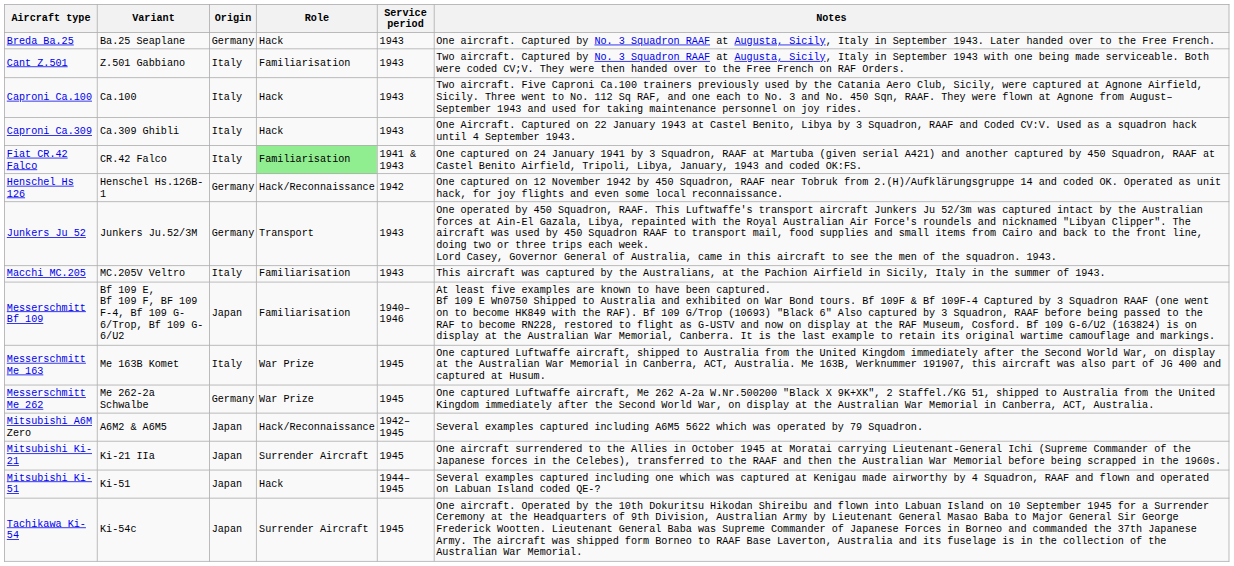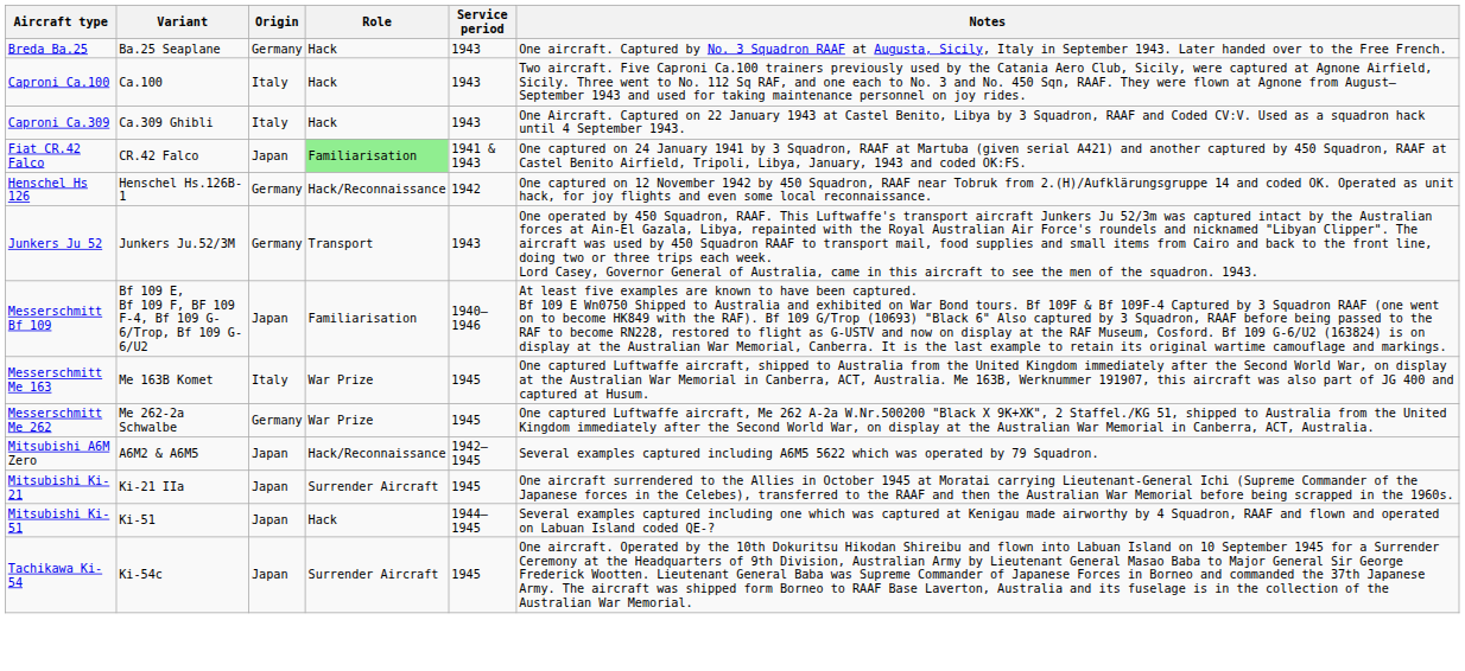 <table class="wikitable sortable">
 <tr>
 <th>Aircraft type</th>
 <th>Variant</th>
 <th>Origin</th>
 <th>Role</th>
 <th>Service period</th>
 <th>Notes</th>
 </tr>
 <tr>
 <td><a href='#'>Breda Ba.25</a></td>
 <td>Ba.25 Seaplane</td>
 <td>Germany</td>
 <td>Hack</td>
 <td>1943</td>
 <td>One aircraft. Captured by <a href='#'>No. 3 Squadron RAAF</a> at <a href='#'>Augusta, Sicily</a>, Italy in September 1943. Later handed over to the Free French.</td>
-</tr>
-<tr>
-<td><a href='#'>Cant Z.501</a></td>
-<td>Z.501 Gabbiano</td>
-<td>Italy</td>
-<td>Familiarisation</td>
-<td>1943</td>
-<td>Two aircraft. Captured by <a href='#'>No. 3 Squadron RAAF</a> at <a href='#'>Augusta, Sicily</a>, Italy in September 1943 with one being made serviceable. Both were coded CV;V. They were then handed over to the Free French on RAF Orders.</td>
 </tr>
 <tr>
 <td><a href='#'>Caproni Ca.100</a></td>
 <td>Ca.100</td>
 <td>Italy</td>
 <td>Hack</td>
 <td>1943</td>
 <td>Two aircraft. Five Caproni Ca.100 trainers previously used by the Catania Aero Club, Sicily, were captured at Agnone Airfield, Sicily. Three went to No. 112 Sq RAF, and one each to No. 3 and No. 450 Sqn, RAAF. They were flown at Agnone from August–September 1943 and used for taking maintenance personnel on joy rides.</td>
 </tr>
 <tr>
 <td><a href='#'>Caproni Ca.309</a></td>
 <td>Ca.309 Ghibli</td>
 <td>Italy</td>
 <td>Hack</td>
 <td>1943</td>
 <td>One Aircraft. Captured on 22 January 1943 at Castel Benito, Libya by 3 Squadron, RAAF and Coded CV:V. Used as a squadron hack until 4 September 1943.</td>
 </tr>
 <tr>
 <td><a href='#'>Fiat CR.42 Falco</a></td>
 <td>CR.42 Falco</td>
-<td>Italy</td>
+<td>Japan</td>
 <td style="background: lightgreen;">Familiarisation</td>
 <td>1941 & 1943</td>
 <td>One captured on 24 January 1941 by 3 Squadron, RAAF at Martuba (given serial A421) and another captured by 450 Squadron, RAAF at Castel Benito Airfield, Tripoli, Libya, January, 1943 and coded OK:FS.</td>
 </tr>
 <tr>
 <td><a href='#'>Henschel Hs 126</a></td>
 <td>Henschel Hs.126B-1</td>
 <td>Germany</td>
 <td>Hack/Reconnaissance</td>
 <td>1942</td>
 <td>One captured on 12 November 1942 by 450 Squadron, RAAF near Tobruk from 2.(H)/Aufklärungsgruppe 14 and coded OK. Operated as unit hack, for joy flights and even some local reconnaissance.</td>
 </tr>
 <tr>
 <td><a href='#'>Junkers Ju 52</a></td>
 <td>Junkers Ju.52/3M</td>
 <td>Germany</td>
 <td>Transport</td>
 <td>1943</td>
 <td>One operated by 450 Squadron, RAAF. This Luftwaffe's transport aircraft Junkers Ju 52/3m was captured intact by the Australian forces at Ain-El Gazala, Libya, repainted with the Royal Australian Air Force's roundels and nicknamed "Libyan Clipper". The aircraft was used by 450 Squadron RAAF to transport mail, food supplies and small items from Cairo and back to the front line, doing two or three trips each week.<br>Lord Casey, Governor General of Australia, came in this aircraft to see the men of the squadron. 1943.</td>
-</tr>
-<tr>
-<td><a href='#'>Macchi MC.205</a></td>
-<td>MC.205V Veltro</td>
-<td>Italy</td>
-<td>Familiarisation</td>
-<td>1943</td>
-<td>This aircraft was captured by the Australians, at the Pachion Airfield in Sicily, Italy in the summer of 1943.</td>
 </tr>
 <tr>
 <td><a href='#'>Messerschmitt Bf 109</a></td>
 <td>Bf 109 E,<br>Bf 109 F, BF 109 F-4, Bf 109 G-6/Trop, Bf 109 G-6/U2</td>
 <td>Japan</td>
 <td>Familiarisation</td>
 <td>1940–1946</td>
 <td>At least five examples are known to have been captured.<br>Bf 109 E Wn0750 Shipped to Australia and exhibited on War Bond tours. Bf 109F & Bf 109F-4 Captured by 3 Squadron RAAF (one went on to become HK849 with the RAF). Bf 109 G/Trop (10693) "Black 6" Also captured by 3 Squadron, RAAF before being passed to the RAF to become RN228, restored to flight as G-USTV and now on display at the RAF Museum, Cosford. Bf 109 G-6/U2 (163824) is on display at the Australian War Memorial, Canberra. It is the last example to retain its original wartime camouflage and markings.</td>
 </tr>
 <tr>
 <td><a href='#'>Messerschmitt Me 163</a></td>
 <td>Me 163B Komet</td>
 <td>Italy</td>
 <td>War Prize</td>
 <td>1945</td>
 <td>One captured Luftwaffe aircraft, shipped to Australia from the United Kingdom immediately after the Second World War, on display at the Australian War Memorial in Canberra, ACT, Australia. Me 163B, Werknummer 191907, this aircraft was also part of JG 400 and captured at Husum.</td>
 </tr>
 <tr>
 <td><a href='#'>Messerschmitt Me 262</a></td>
 <td>Me 262-2a Schwalbe</td>
 <td>Germany</td>
 <td>War Prize</td>
 <td>1945</td>
 <td>One captured Luftwaffe aircraft, Me 262 A-2a W.Nr.500200 "Black X 9K+XK", 2 Staffel./KG 51, shipped to Australia from the United Kingdom immediately after the Second World War, on display at the Australian War Memorial in Canberra, ACT, Australia.</td>
 </tr>
 <tr>
 <td><a href='#'>Mitsubishi A6M</a> Zero</td>
 <td>A6M2 & A6M5</td>
 <td>Japan</td>
 <td>Hack/Reconnaissance</td>
 <td>1942–1945</td>
 <td>Several examples captured including A6M5 5622 which was operated by 79 Squadron.</td>
 </tr>
 <tr>
 <td><a href='#'>Mitsubishi Ki-21</a></td>
 <td>Ki-21 IIa</td>
 <td>Japan</td>
 <td>Surrender Aircraft</td>
 <td>1945</td>
 <td>One aircraft surrendered to the Allies in October 1945 at Moratai carrying Lieutenant-General Ichi (Supreme Commander of the Japanese forces in the Celebes), transferred to the RAAF and then the Australian War Memorial before being scrapped in the 1960s.</td>
 </tr>
 <tr>
 <td><a href='#'>Mitsubishi Ki-51</a></td>
 <td>Ki-51</td>
 <td>Japan</td>
 <td>Hack</td>
 <td>1944–1945</td>
 <td>Several examples captured including one which was captured at Kenigau made airworthy by 4 Squadron, RAAF and flown and operated on Labuan Island coded QE-?</td>
 </tr>
 <tr>
 <td><a href='#'>Tachikawa Ki-54</a></td>
 <td>Ki-54c</td>
 <td>Japan</td>
 <td>Surrender Aircraft</td>
 <td>1945</td>
 <td>One aircraft. Operated by the 10th Dokuritsu Hikodan Shireibu and flown into Labuan Island on 10 September 1945 for a Surrender Ceremony at the Headquarters of 9th Division, Australian Army by Lieutenant General Masao Baba to Major General Sir George Frederick Wootten. Lieutenant General Baba was Supreme Commander of Japanese Forces in Borneo and commanded the 37th Japanese Army. The aircraft was shipped form Borneo to RAAF Base Laverton, Australia and its fuselage is in the collection of the Australian War Memorial.</td>
 </tr>
 </table>
